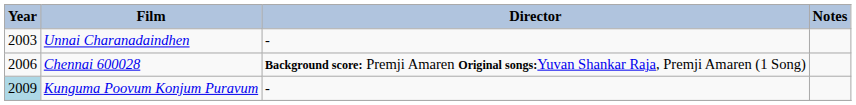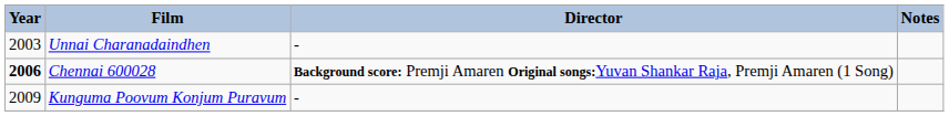 <table class="wikitable" style="font-size:90%">
 <tr style="text-align:center;">
 <th style="text-align:center; background:#b0c4de;">Year</th>
 <th style="text-align:center; background:#b0c4de;">Film</th>
 <th style="text-align:center; background:#b0c4de;">Director</th>
 <th style="text-align:center; background:#b0c4de;">Notes</th>
 </tr>
 <tr>
 <td>2003</td>
 <td><em><a href='#'>Unnai Charanadaindhen</a></em></td>
 <td>-</td>
 <td></td>
 </tr>
 <tr>
-<td>2006</td>
+<td><strong>2006</strong></td>
 <td><em><a href='#'>Chennai 600028</a></em></td>
 <td><small><strong>Background score:</strong></small> Premji Amaren <small><strong>Original songs:</strong></small><a href='#'>Yuvan Shankar Raja</a>, Premji Amaren (1 Song)</td>
 <td></td>
 </tr>
 <tr>
-<td style="background: lightblue;">2009</td>
+<td>2009</td>
 <td><em><a href='#'>Kunguma Poovum Konjum Puravum</a></em></td>
 <td>-</td>
 <td></td>
 </tr>
 <tr>
 </tr>
 </table>
